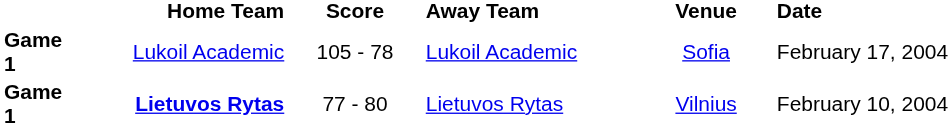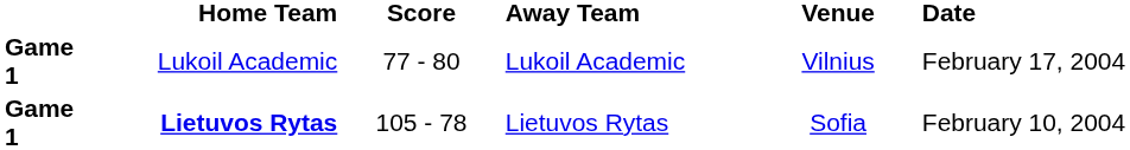 <table style="text-align:center" cellpadding=1 border=0>
 <tr>
 <th width=50></th>
 <th width=160 align=right>Home Team</th>
 <th width=100>Score</th>
 <th width=160 align=left>Away Team</th>
 <th width=100>Venue</th>
 <th width=200 align=left>Date</th>
 </tr>
 <tr>
 <td align=left><strong>Game 1</strong></td>
 <td align=right><a href='#'>Lukoil Academic</a> </td>
-<td>105 - 78</td>
+<td>77 - 80</td>
 <td align=left> <a href='#'>Lukoil Academic</a></td>
-<td><a href='#'>Sofia</a></td>
+<td><a href='#'>Vilnius</a></td>
 <td align=left>February 17, 2004</td>
 </tr>
 <tr>
 <td align=left><strong>Game 1</strong></td>
 <td align=right><strong><a href='#'>Lietuvos Rytas</a></strong> </td>
-<td>77 - 80</td>
+<td>105 - 78</td>
 <td align=left> <a href='#'>Lietuvos Rytas</a></td>
-<td><a href='#'>Vilnius</a></td>
+<td><a href='#'>Sofia</a></td>
 <td align=left>February 10, 2004</td>
 </tr>
 </table>
